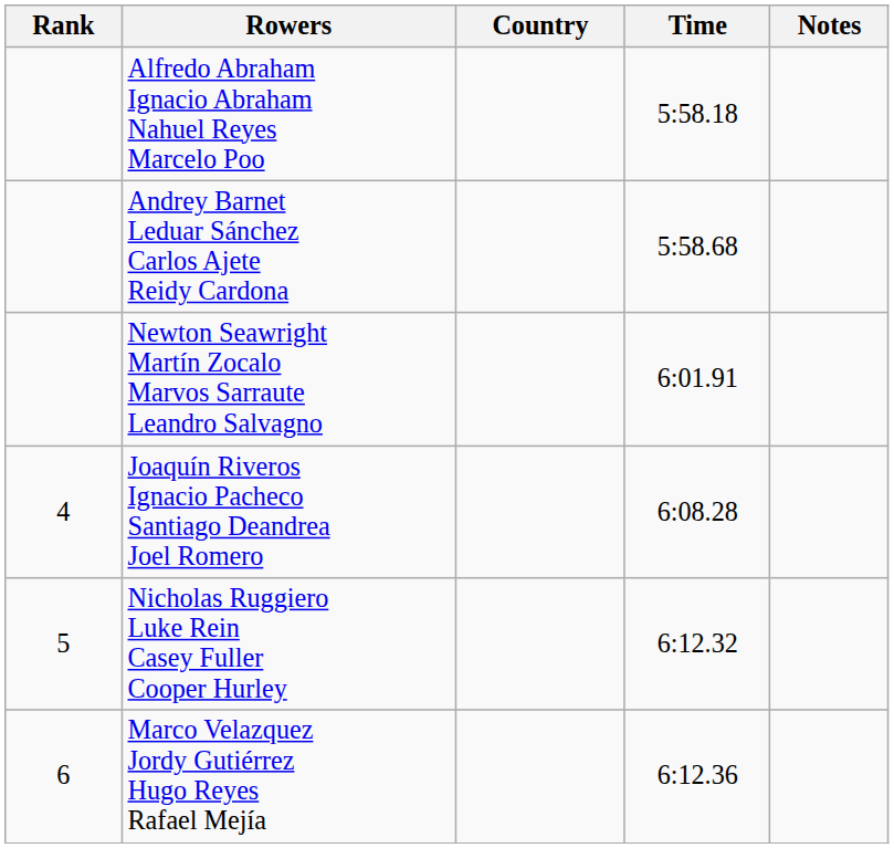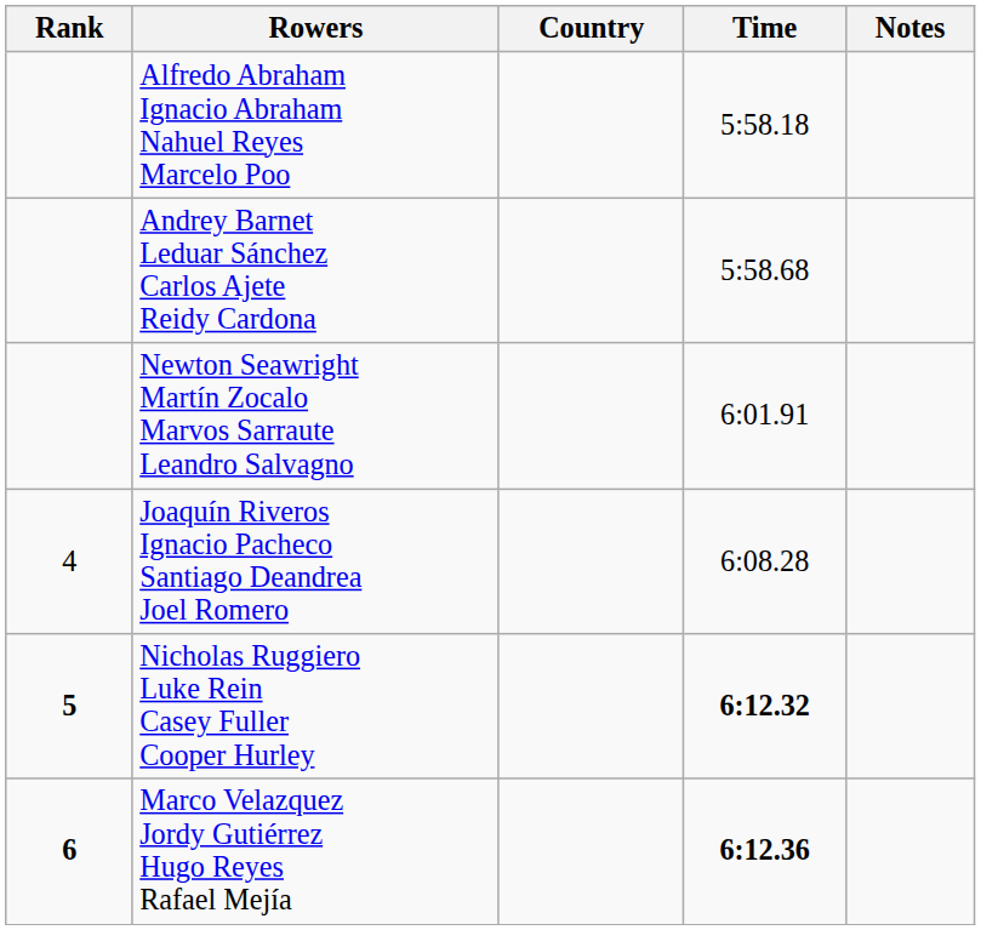 <table class="wikitable" width=60% style="text-align:center">
 <tr>
 <th>Rank</th>
 <th>Rowers</th>
 <th>Country</th>
 <th>Time</th>
 <th>Notes</th>
 </tr>
 <tr>
 <td></td>
 <td align=left><a href='#'>Alfredo Abraham</a><br><a href='#'>Ignacio Abraham</a><br><a href='#'>Nahuel Reyes</a><br><a href='#'>Marcelo Poo</a></td>
 <td align=left></td>
 <td>5:58.18</td>
 <td></td>
 </tr>
 <tr>
 <td></td>
 <td align=left><a href='#'>Andrey Barnet</a><br><a href='#'>Leduar Sánchez</a><br><a href='#'>Carlos Ajete</a><br><a href='#'>Reidy Cardona</a></td>
 <td align=left></td>
 <td>5:58.68</td>
 <td></td>
 </tr>
 <tr>
 <td></td>
 <td align=left><a href='#'>Newton Seawright</a><br><a href='#'>Martín Zocalo</a><br><a href='#'>Marvos Sarraute</a><br><a href='#'>Leandro Salvagno</a></td>
 <td align=left></td>
 <td>6:01.91</td>
 <td></td>
 </tr>
 <tr>
 <td>4</td>
 <td align=left><a href='#'>Joaquín Riveros</a><br><a href='#'>Ignacio Pacheco</a><br><a href='#'>Santiago Deandrea</a><br><a href='#'>Joel Romero</a></td>
 <td align=left></td>
 <td>6:08.28</td>
 <td></td>
 </tr>
 <tr>
-<td>5</td>
+<td><strong>5</strong></td>
 <td align=left><a href='#'>Nicholas Ruggiero</a><br><a href='#'>Luke Rein</a><br><a href='#'>Casey Fuller</a><br><a href='#'>Cooper Hurley</a></td>
 <td align=left></td>
-<td>6:12.32</td>
+<td><strong>6:12.32</strong></td>
 <td></td>
 </tr>
 <tr>
-<td>6</td>
+<td><strong>6</strong></td>
 <td align=left><a href='#'>Marco Velazquez</a><br><a href='#'>Jordy Gutiérrez</a><br><a href='#'>Hugo Reyes</a><br>Rafael Mejía</td>
 <td align=left></td>
-<td>6:12.36</td>
+<td><strong>6:12.36</strong></td>
 <td></td>
 </tr>
 <tr>
 </tr>
 </table>
